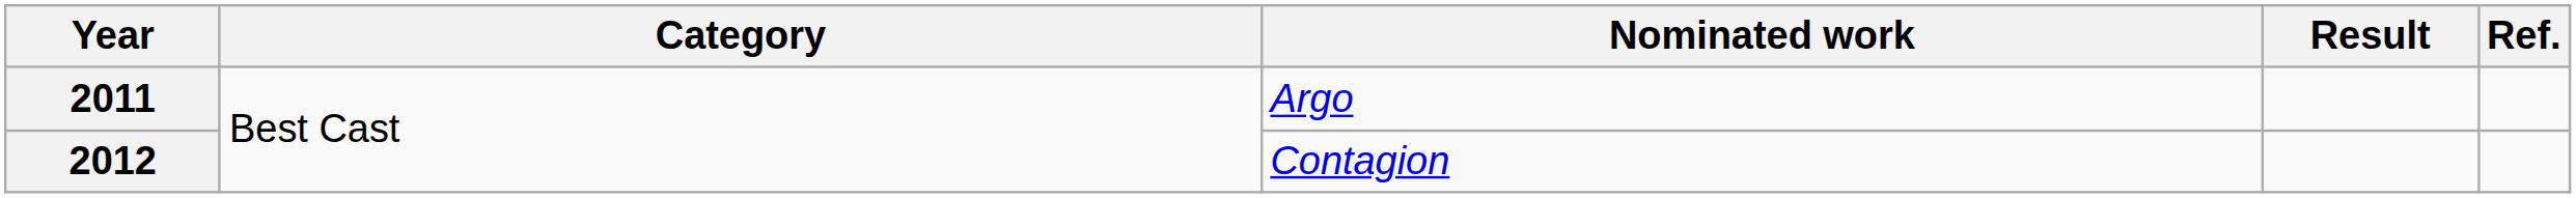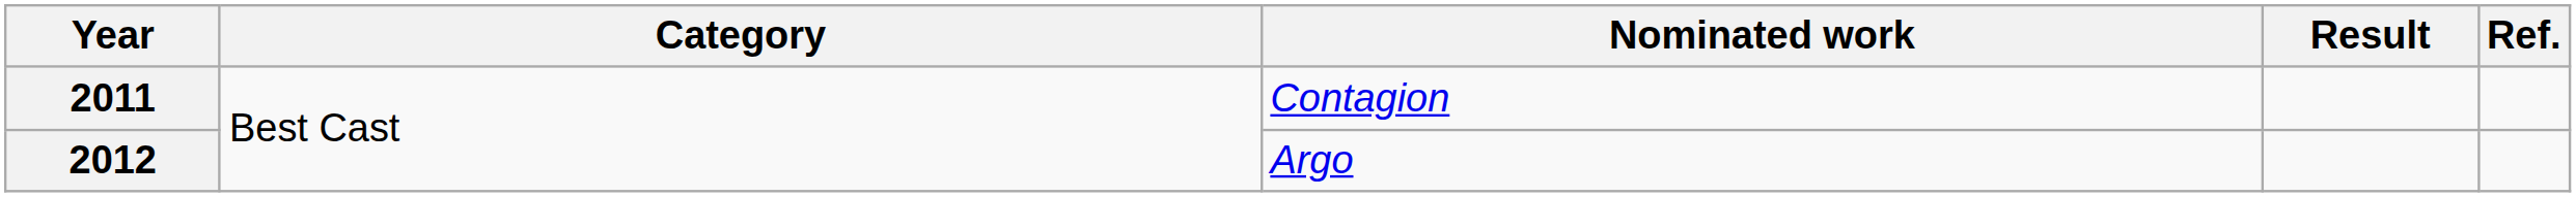 <table class=wikitable>
 <tr>
 <th scope="col" style="width:5em;">Year</th>
 <th scope="col" style="width:26em;">Category</th>
 <th scope="col" style="width:25em;">Nominated work</th>
 <th scope="col" style="width:5em;">Result</th>
 <th>Ref.</th>
 </tr>
 <tr>
 <th style="text-align:center;">2011</th>
 <td rowspan="2">Best Cast</td>
-<td><em><a href='#'>Argo</a></em></td>
+<td><em><a href='#'>Contagion</a></em></td>
 <td></td>
 <td style="text-align:center;"></td>
 </tr>
 <tr>
 <th Scope=row>2012</th>
-<td><em><a href='#'>Contagion</a></em></td>
+<td><em><a href='#'>Argo</a></em></td>
 <td></td>
 <td style="text-align:center;"></td>
 </tr>
 </table>
